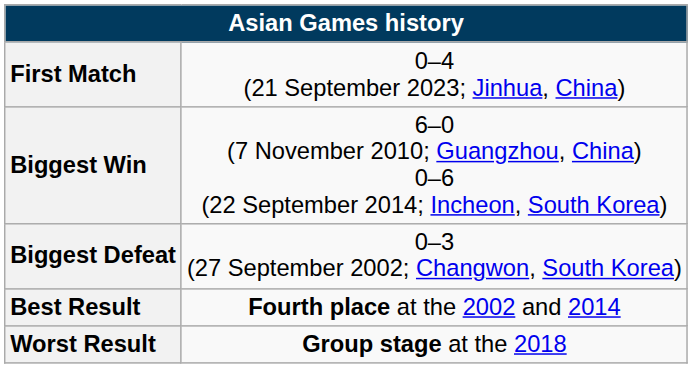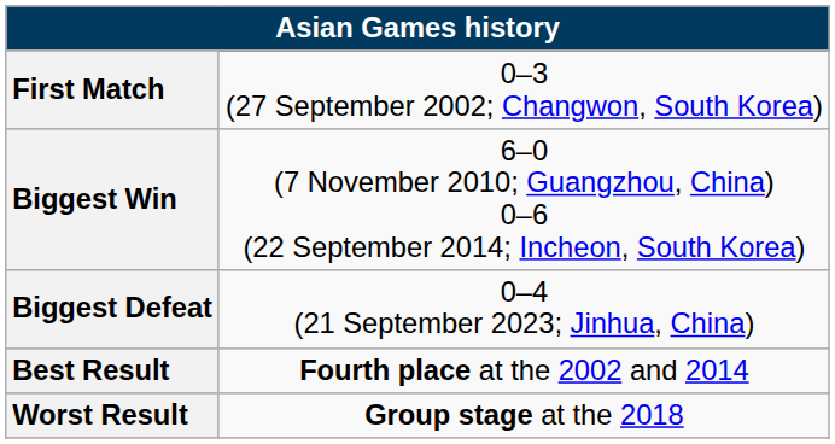 <table class="wikitable" style="text-align: center; font-size:100%">
 <tr>
 <th colspan="6" style="background: #013A5E; color: #FFFFFF;">Asian Games history</th>
 </tr>
 <tr>
 <th style="text-align: left;">First Match</th>
-<td align=center> 0–4 <br>(21 September 2023; <a href='#'>Jinhua</a>, <a href='#'>China</a>)</td>
+<td align=center> 0–3 <br>(27 September 2002; <a href='#'>Changwon</a>, <a href='#'>South Korea</a>)</td>
 </tr>
 <tr>
 <th style="text-align: left;">Biggest Win</th>
 <td align=center> 6–0 <br>(7 November 2010; <a href='#'>Guangzhou</a>, <a href='#'>China</a>)<br> 0–6 <br>(22 September 2014; <a href='#'>Incheon</a>, <a href='#'>South Korea</a>)</td>
 </tr>
 <tr>
 <th style="text-align: left;">Biggest Defeat</th>
-<td align=center> 0–3 <br>(27 September 2002; <a href='#'>Changwon</a>, <a href='#'>South Korea</a>)</td>
+<td align=center> 0–4 <br>(21 September 2023; <a href='#'>Jinhua</a>, <a href='#'>China</a>)</td>
 </tr>
 <tr>
 <th style="text-align: left;">Best Result</th>
 <td><strong>Fourth place</strong> at the <a href='#'>2002</a> and <a href='#'>2014</a></td>
 </tr>
 <tr>
 <th style="text-align: left;">Worst Result</th>
 <td><strong>Group stage</strong> at the <a href='#'>2018</a></td>
 </tr>
 </table>
